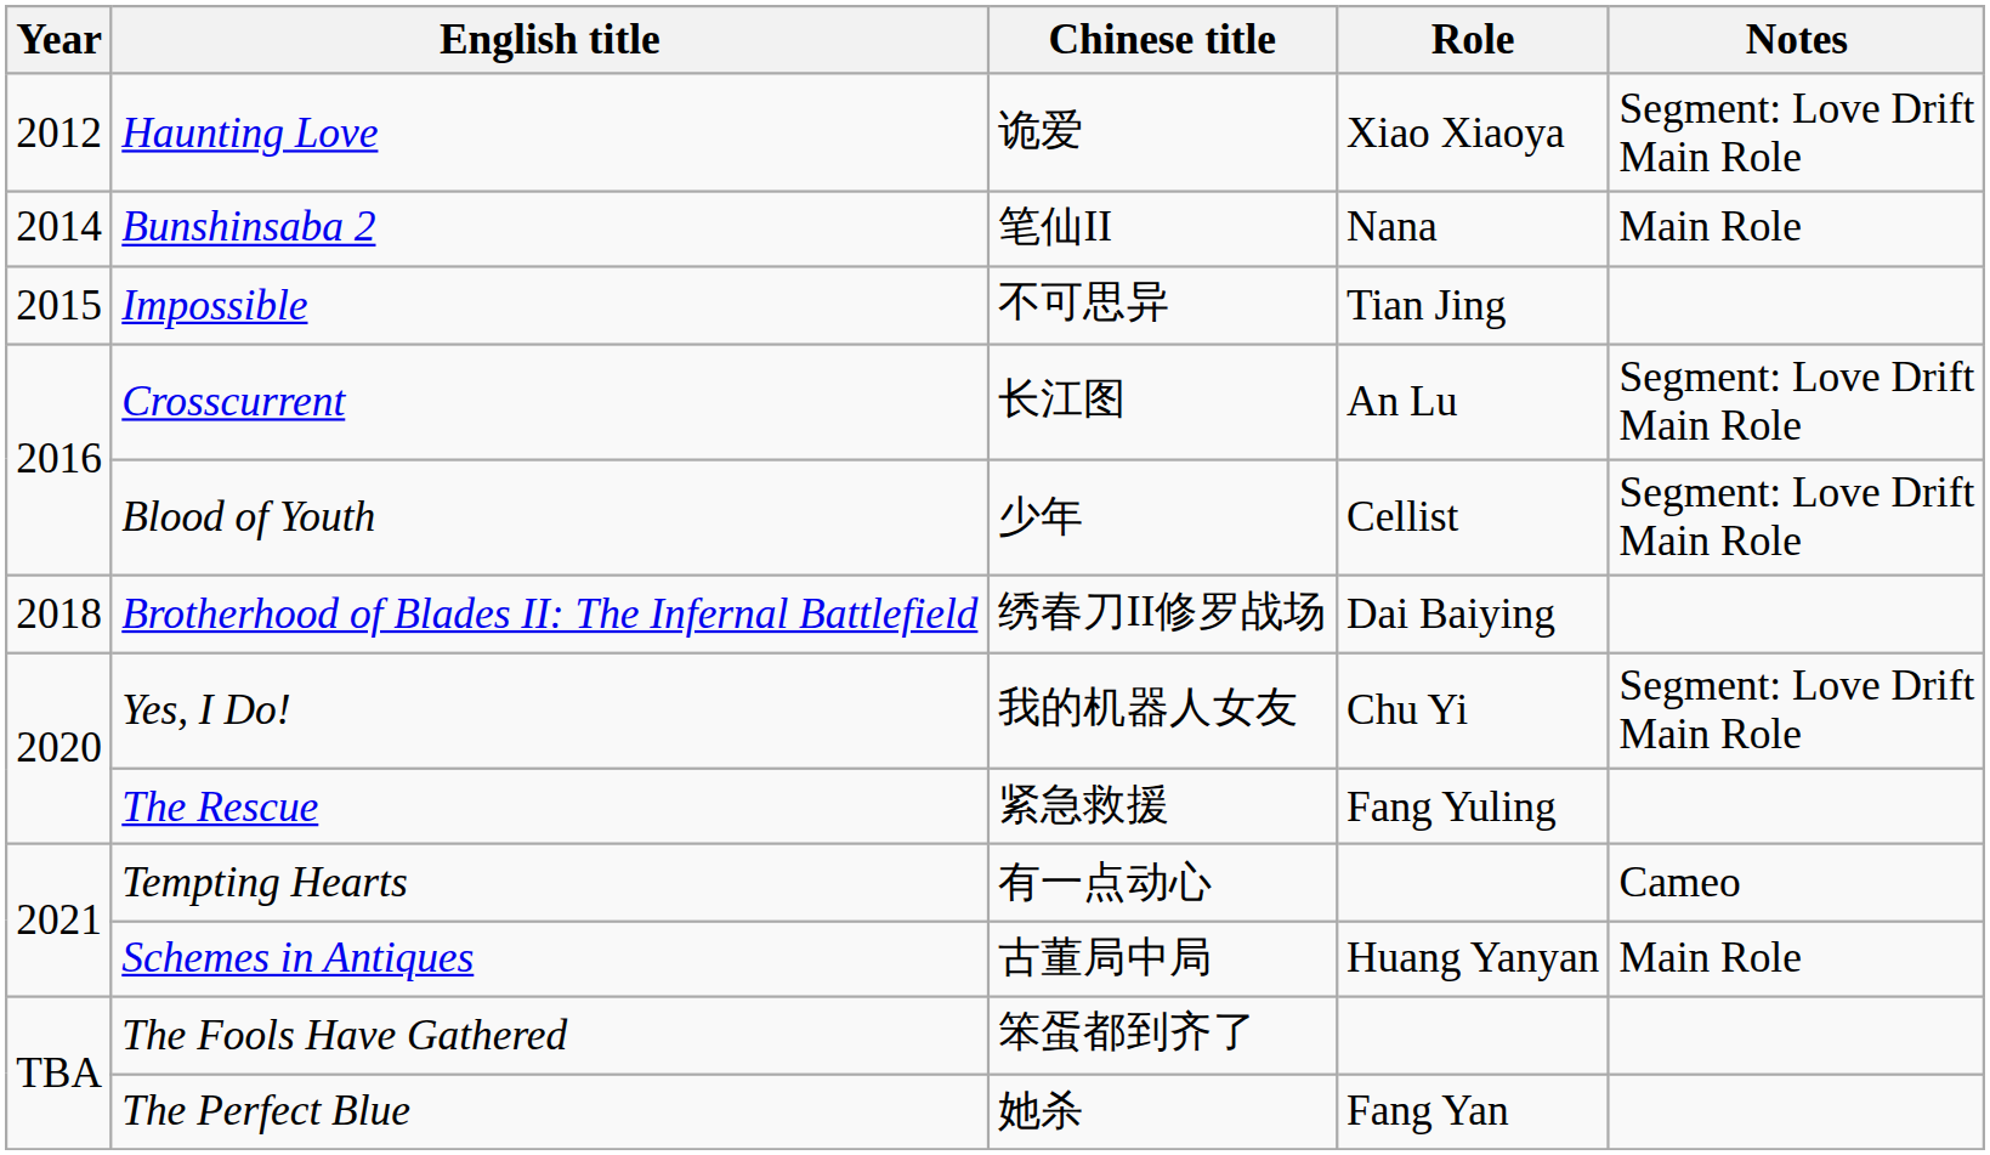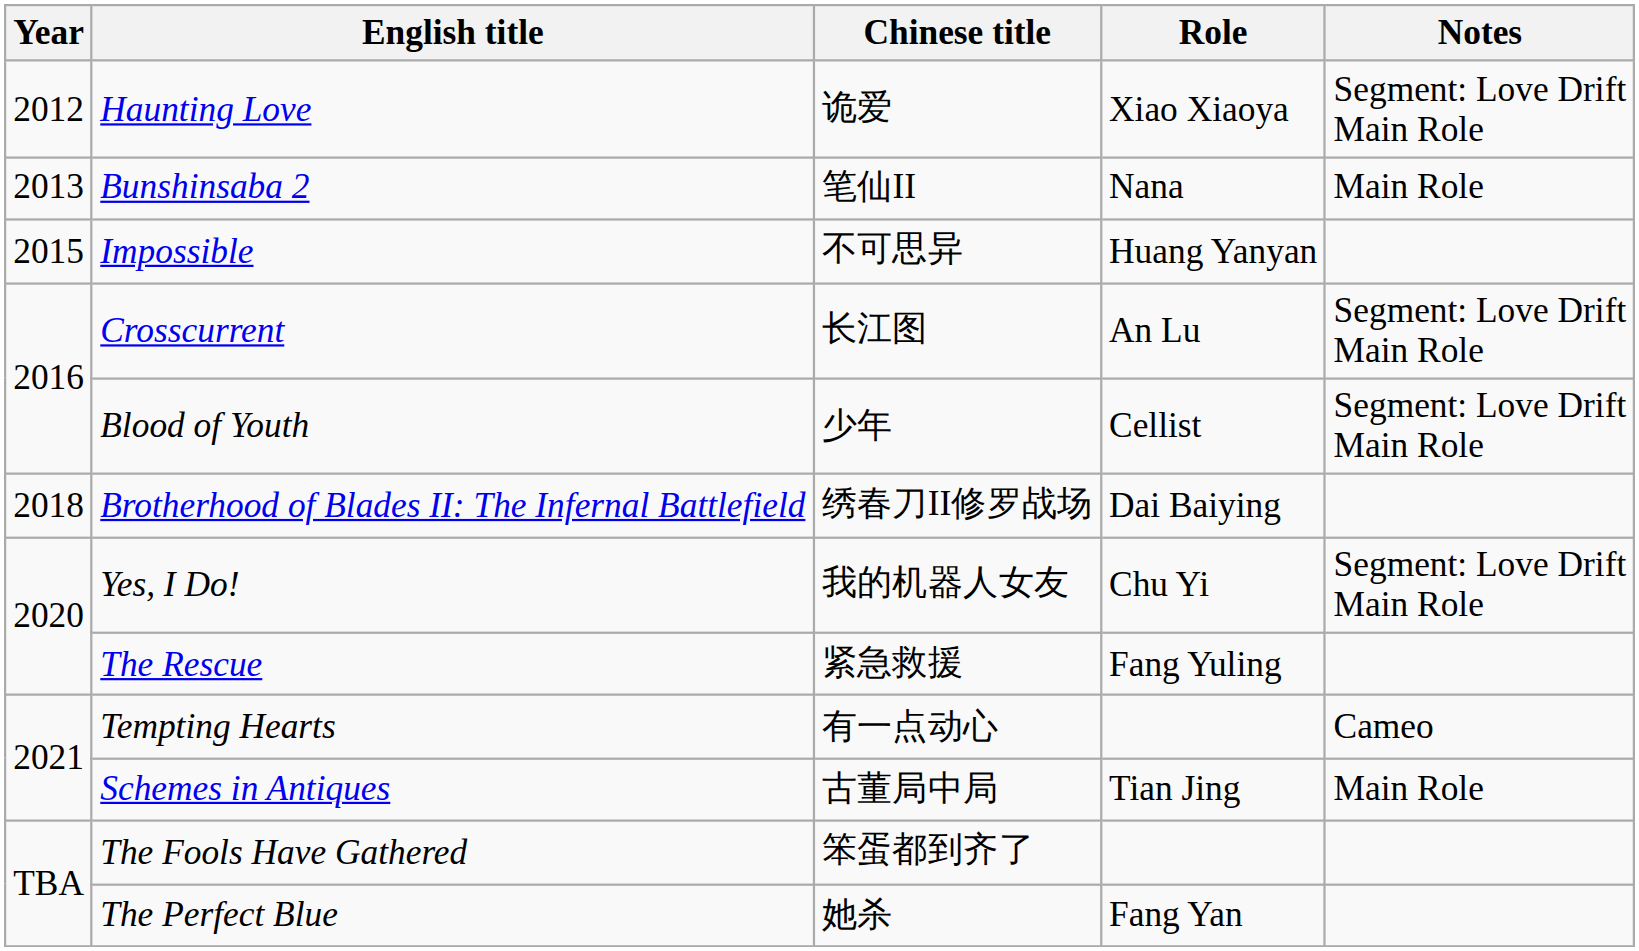 <table class="wikitable">
 <tr>
 <th>Year</th>
 <th>English title</th>
 <th>Chinese title</th>
 <th>Role</th>
 <th>Notes</th>
 </tr>
 <tr>
 <td>2012</td>
 <td><em><a href='#'>Haunting Love</a></em></td>
 <td>诡爱</td>
 <td>Xiao Xiaoya</td>
 <td>Segment: Love Drift<br>Main Role</td>
 </tr>
 <tr>
-<td>2014</td>
+<td>2013</td>
 <td><em><a href='#'>Bunshinsaba 2</a></em></td>
 <td>笔仙II</td>
 <td>Nana</td>
 <td>Main Role</td>
 </tr>
 <tr>
 <td>2015</td>
 <td><em><a href='#'>Impossible</a></em></td>
 <td>不可思异</td>
-<td>Tian Jing</td>
+<td>Huang Yanyan</td>
 <td></td>
 </tr>
 <tr>
 <td rowspan=2>2016</td>
 <td><em><a href='#'>Crosscurrent</a></em></td>
 <td>长江图</td>
 <td>An Lu</td>
 <td>Segment: Love Drift<br>Main Role</td>
 </tr>
 <tr>
 <td><em>Blood of Youth</em></td>
 <td>少年</td>
 <td>Cellist</td>
 <td>Segment: Love Drift<br>Main Role</td>
 </tr>
 <tr>
 <td>2018</td>
 <td><em><a href='#'>Brotherhood of Blades II: The Infernal Battlefield</a></em></td>
 <td>绣春刀II修罗战场</td>
 <td>Dai Baiying</td>
 <td></td>
 </tr>
 <tr>
 <td rowspan=2>2020</td>
 <td><em>Yes, I Do!</em></td>
 <td>我的机器人女友</td>
 <td>Chu Yi</td>
 <td>Segment: Love Drift<br>Main Role</td>
 </tr>
 <tr>
 <td><em><a href='#'>The Rescue</a></em></td>
 <td>紧急救援</td>
 <td>Fang Yuling</td>
 <td></td>
 </tr>
 <tr>
 <td rowspan=2>2021</td>
 <td><em>Tempting Hearts</em></td>
 <td>有一点动心</td>
 <td></td>
 <td>Cameo</td>
 </tr>
 <tr>
 <td><em><a href='#'>Schemes in Antiques</a></em></td>
 <td>古董局中局</td>
-<td>Huang Yanyan</td>
+<td>Tian Jing</td>
 <td>Main Role</td>
 </tr>
 <tr>
 <td rowspan=2>TBA</td>
 <td><em>The Fools Have Gathered</em></td>
 <td>笨蛋都到齐了</td>
 <td></td>
 <td></td>
 </tr>
 <tr>
 <td><em>The Perfect Blue</em></td>
 <td>她杀</td>
 <td>Fang Yan</td>
 <td></td>
 </tr>
 <tr>
 </tr>
 </table>
